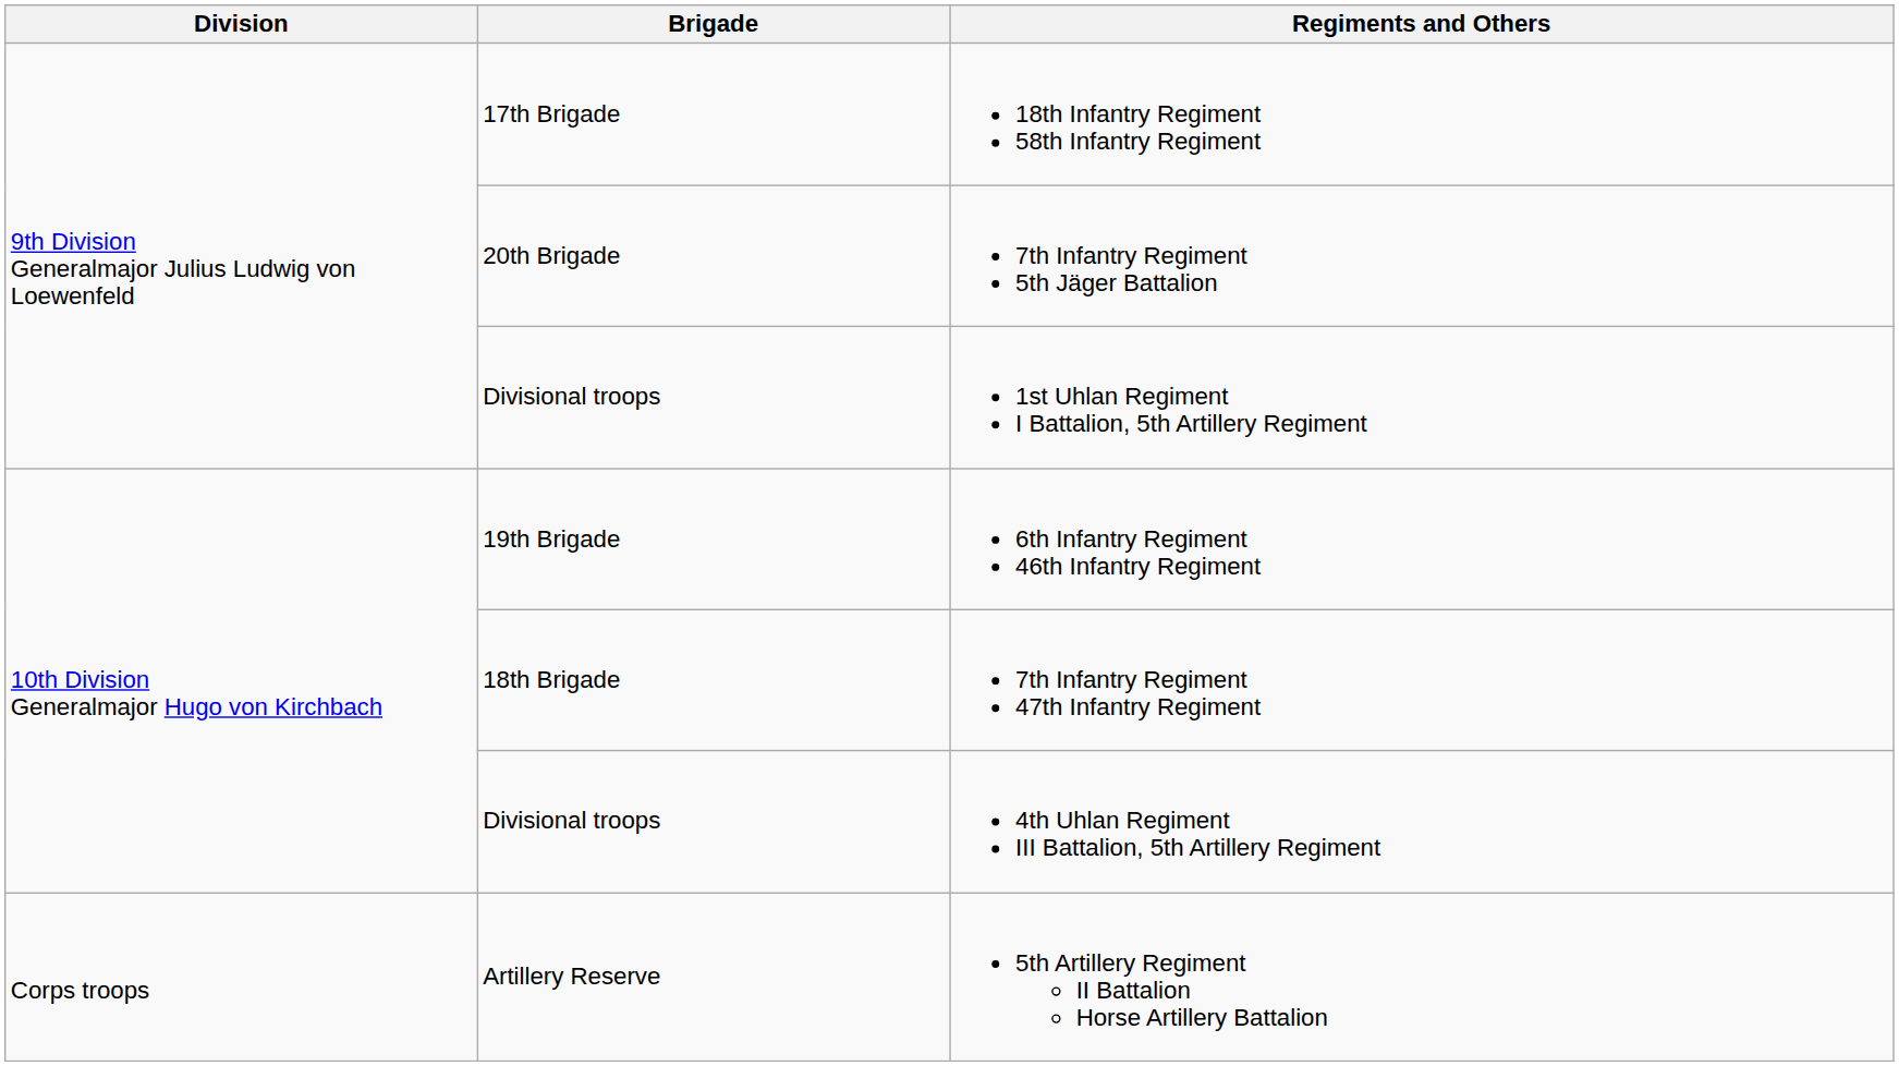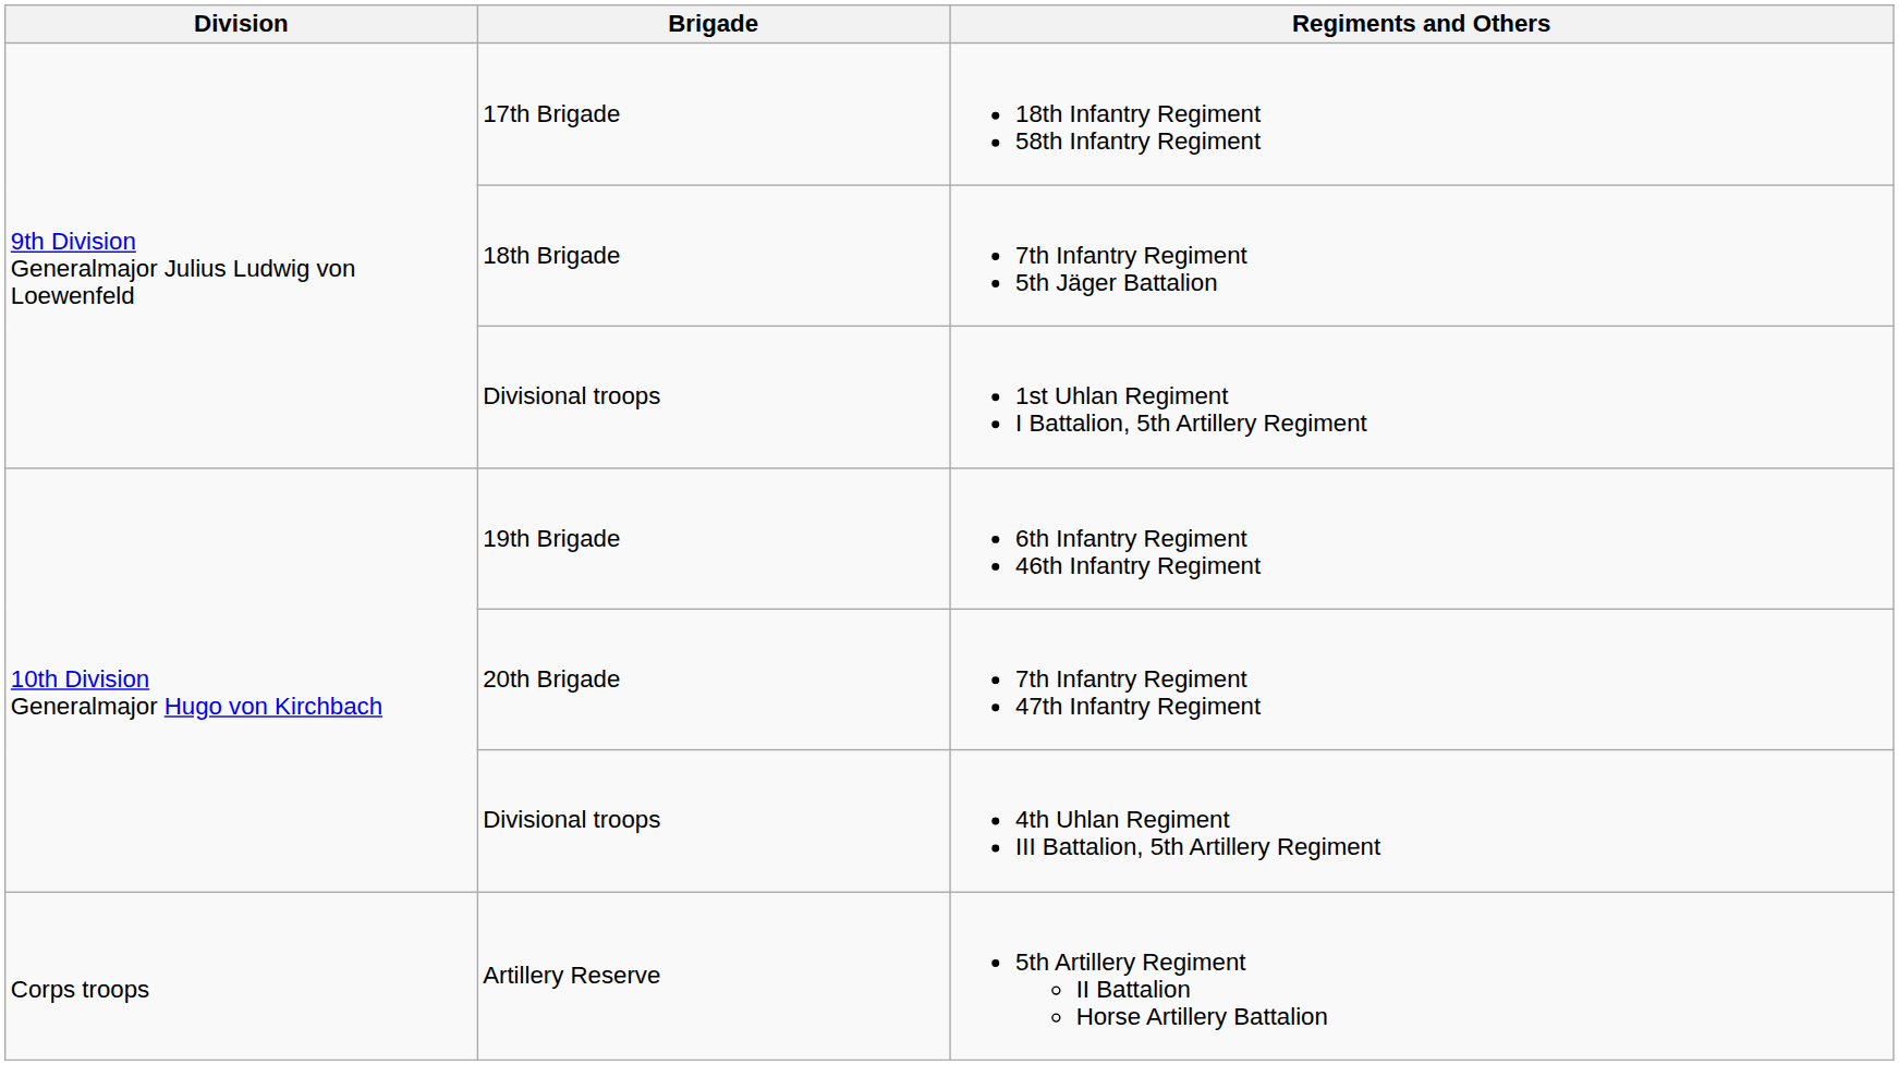 <table class="wikitable">
 <tr>
 <th style="width:25%;">Division</th>
 <th style="width:25%;">Brigade</th>
 <th>Regiments and Others</th>
 </tr>
 <tr>
 <td rowspan=3><br><a href='#'>9th Division</a> <br> Generalmajor Julius Ludwig von Loewenfeld</td>
 <td>17th Brigade</td>
 <td><br><ul><li>18th Infantry Regiment</li><li>58th Infantry Regiment</li></ul></td>
 </tr>
 <tr>
-<td>20th Brigade</td>
+<td>18th Brigade</td>
 <td><br><ul><li>7th Infantry Regiment</li><li>5th Jäger Battalion</li></ul></td>
 </tr>
 <tr>
 <td>Divisional troops</td>
 <td><br><ul><li>1st Uhlan Regiment </li><li>I Battalion, 5th Artillery Regiment</li></ul></td>
 </tr>
 <tr>
 <td rowspan=3><br><a href='#'>10th Division</a> <br> Generalmajor <a href='#'>Hugo von Kirchbach</a></td>
 <td>19th Brigade</td>
 <td><br><ul><li>6th Infantry Regiment</li><li>46th Infantry Regiment</li></ul></td>
 </tr>
 <tr>
-<td>18th Brigade</td>
+<td>20th Brigade</td>
 <td><br><ul><li>7th Infantry Regiment</li><li>47th Infantry Regiment</li></ul></td>
 </tr>
 <tr>
 <td>Divisional troops</td>
 <td><br><ul><li>4th Uhlan Regiment </li><li>III Battalion, 5th Artillery Regiment</li></ul></td>
 </tr>
 <tr>
 <td rowspan=1><br>Corps troops</td>
 <td>Artillery Reserve</td>
 <td><br><ul><li>5th Artillery Regiment<ul><li>II Battalion</li><li>Horse Artillery Battalion</li></ul></li></ul></td>
 </tr>
 </table>
